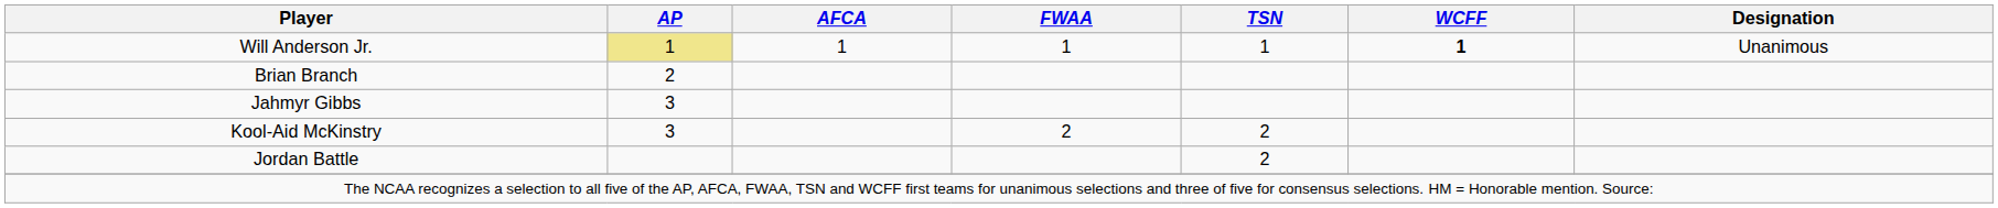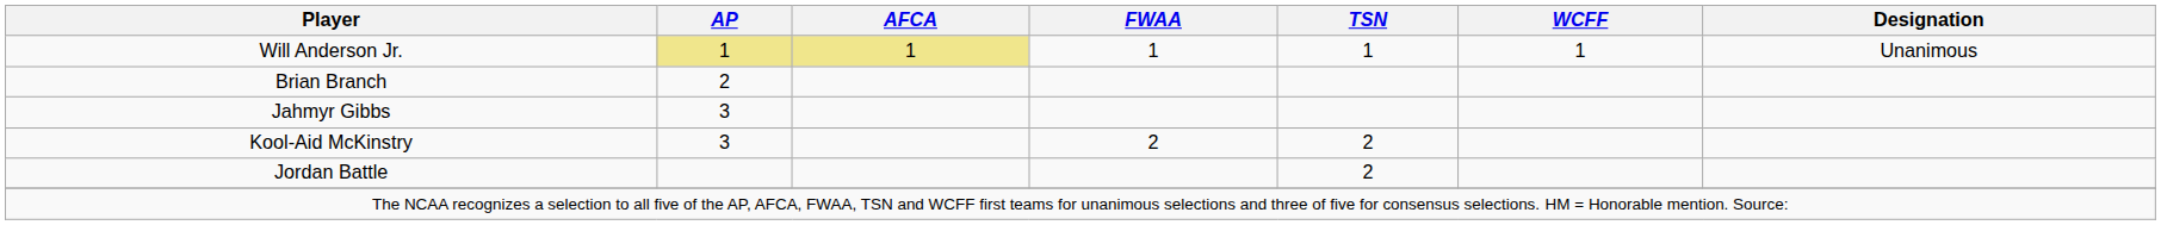 <table class="wikitable" style="width: 90%;text-align: center;">
 <tr>
 <th style=>Player</th>
 <th style=><a href='#'><span><em>AP</em></span></a></th>
 <th style=><a href='#'><span><em>AFCA</em></span></a></th>
 <th style=><a href='#'><span><em>FWAA</em></span></a></th>
 <th style=><a href='#'><span><em>TSN</em></span></a></th>
 <th style=><a href='#'><span><em>WCFF</em></span></a></th>
 <th style=>Designation</th>
 </tr>
 <tr style="text-align:center">
 <td>Will Anderson Jr.</td>
 <td style="background: khaki;">1</td>
+<td style="background: khaki;">1</td>
 <td>1</td>
 <td>1</td>
 <td>1</td>
-<td><strong>1</strong></td>
 <td>Unanimous</td>
 </tr>
 <tr>
 <td>Brian Branch</td>
 <td>2</td>
 <td></td>
 <td></td>
 <td></td>
 <td></td>
 <td></td>
 </tr>
 <tr>
 <td>Jahmyr Gibbs</td>
 <td>3</td>
 <td></td>
 <td></td>
 <td></td>
 <td></td>
 <td></td>
 </tr>
 <tr>
 <td>Kool-Aid McKinstry</td>
 <td>3</td>
 <td></td>
 <td>2</td>
 <td>2</td>
 <td></td>
 <td></td>
 </tr>
 <tr>
 <td>Jordan Battle</td>
 <td></td>
 <td></td>
 <td></td>
 <td>2</td>
 <td></td>
 <td></td>
 </tr>
 <tr>
 </tr>
 <tr style="text-align:center">
 <td colspan=7><small>The NCAA recognizes a selection to all five of the AP, AFCA, FWAA, TSN and WCFF first teams for unanimous selections and three of five for consensus selections.</small> <small>HM = Honorable mention. Source: </small></td>
 </tr>
 </table>
